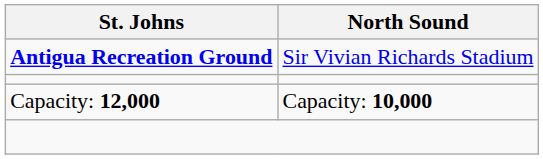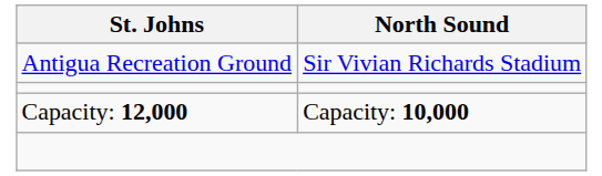 <table class="wikitable" style="margin:1em auto;">
 <tr>
 <th>St. Johns</th>
 <th>North Sound</th>
 </tr>
 <tr>
-<td><strong><a href='#'>Antigua Recreation Ground</a></strong></td>
+<td><a href='#'>Antigua Recreation Ground</a></td>
 <td><a href='#'>Sir Vivian Richards Stadium</a></td>
 </tr>
 <tr>
 <td></td>
 <td></td>
 </tr>
 <tr>
 <td>Capacity: <strong>12,000</strong></td>
 <td>Capacity: <strong>10,000</strong></td>
 </tr>
 <tr>
 <td colspan="2" align="center"><br></td>
 </tr>
 </table>
